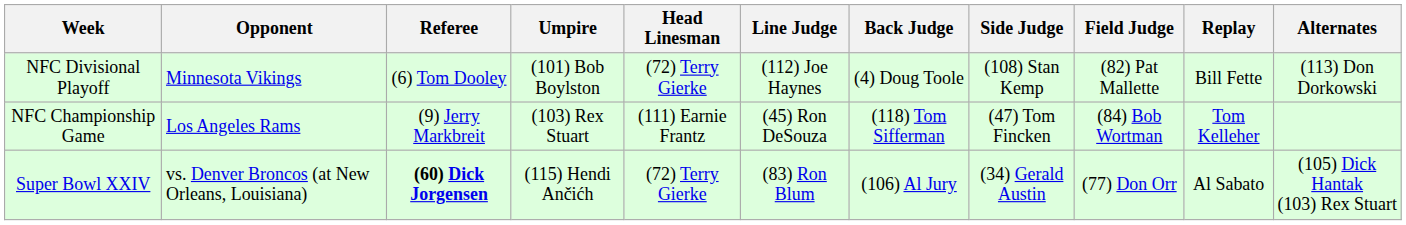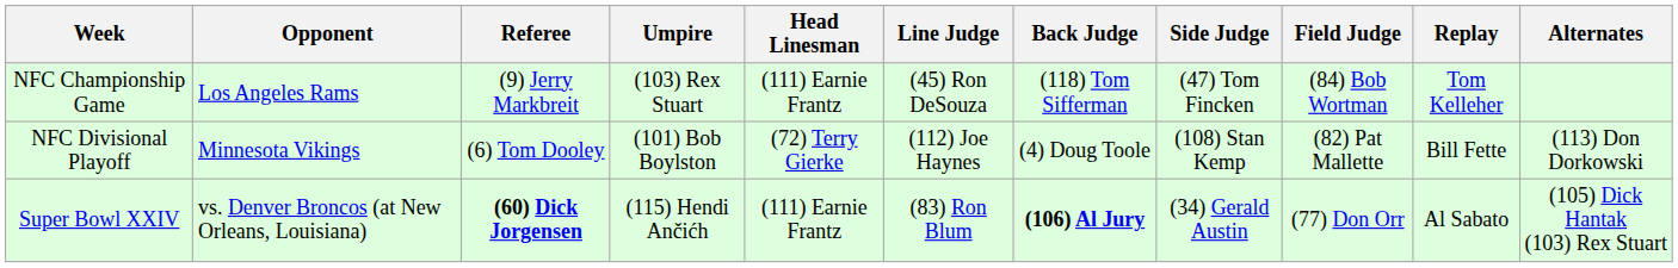 <table class="wikitable">
 <tr>
 <th>Week</th>
 <th>Opponent</th>
 <th>Referee</th>
 <th>Umpire</th>
 <th>Head Linesman</th>
 <th>Line Judge</th>
 <th>Back Judge</th>
 <th>Side Judge</th>
 <th>Field Judge</th>
 <th>Replay</th>
 <th>Alternates</th>
 </tr>
 <tr style="background: #ddffdd; text-align: center">
+<td>NFC Championship Game</td>
+<td style="text-align: left;"><a href='#'>Los Angeles Rams</a></td>
+<td>(9) <a href='#'>Jerry Markbreit</a></td>
+<td>(103) Rex Stuart</td>
+<td>(111) Earnie Frantz</td>
+<td>(45) Ron DeSouza</td>
+<td>(118) <a href='#'>Tom Sifferman</a></td>
+<td>(47) Tom Fincken</td>
+<td>(84) <a href='#'>Bob Wortman</a></td>
+<td><a href='#'>Tom Kelleher</a></td>
+<td></td>
+</tr>
+<tr style="background: #ddffdd; text-align: center">
 <td>NFC Divisional Playoff</td>
 <td style="text-align: left;"><a href='#'>Minnesota Vikings</a></td>
 <td>(6) <a href='#'>Tom Dooley</a></td>
 <td>(101) Bob Boylston</td>
 <td>(72) <a href='#'>Terry Gierke</a></td>
 <td>(112) Joe Haynes</td>
 <td>(4) Doug Toole</td>
 <td>(108) Stan Kemp</td>
 <td>(82) Pat Mallette</td>
 <td>Bill Fette</td>
 <td>(113) Don Dorkowski</td>
 </tr>
 <tr style="background: #ddffdd; text-align: center">
-<td>NFC Championship Game</td>
-<td style="text-align: left;"><a href='#'>Los Angeles Rams</a></td>
-<td>(9) <a href='#'>Jerry Markbreit</a></td>
-<td>(103) Rex Stuart</td>
-<td>(111) Earnie Frantz</td>
-<td>(45) Ron DeSouza</td>
-<td>(118) <a href='#'>Tom Sifferman</a></td>
-<td>(47) Tom Fincken</td>
-<td>(84) <a href='#'>Bob Wortman</a></td>
-<td><a href='#'>Tom Kelleher</a></td>
-<td></td>
-</tr>
-<tr style="background: #ddffdd; text-align: center">
 <td><a href='#'>Super Bowl XXIV</a></td>
 <td style="text-align: left;">vs. <a href='#'>Denver Broncos</a> (at New Orleans, Louisiana)</td>
 <td><strong>(60) <a href='#'>Dick Jorgensen</a></strong></td>
 <td>(115) Hendi Ančićh</td>
-<td>(72) <a href='#'>Terry Gierke</a></td>
+<td>(111) Earnie Frantz</td>
 <td>(83) <a href='#'>Ron Blum</a></td>
-<td>(106) <a href='#'>Al Jury</a></td>
+<td><strong>(106) <a href='#'>Al Jury</a></strong></td>
 <td>(34) <a href='#'>Gerald Austin</a></td>
 <td>(77) <a href='#'>Don Orr</a></td>
 <td>Al Sabato</td>
 <td>(105) <a href='#'>Dick Hantak</a><br>(103) Rex Stuart</td>
 </tr>
 </table>
